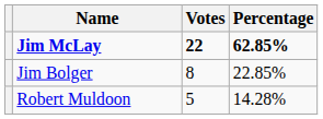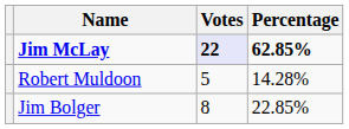 <table class="wikitable">
 <tr>
 <th></th>
 <th>Name</th>
 <th>Votes</th>
 <th>Percentage</th>
 </tr>
 <tr>
 <th style="background-color: "></th>
 <td width="150"><strong><a href='#'>Jim McLay</a></strong></td>
-<td><strong>22</strong></td>
+<td style="background: lavender;"><strong>22</strong></td>
 <td><strong>62.85%</strong></td>
+</tr>
+<tr>
+<th style="background-color: "></th>
+<td><a href='#'>Robert Muldoon</a></td>
+<td>5</td>
+<td>14.28%</td>
 </tr>
 <tr>
 <th style="background-color: "></th>
 <td><a href='#'>Jim Bolger</a></td>
 <td>8</td>
 <td>22.85%</td>
 </tr>
-<tr>
-<th style="background-color: "></th>
-<td><a href='#'>Robert Muldoon</a></td>
-<td>5</td>
-<td>14.28%</td>
-</tr>
 </table>
